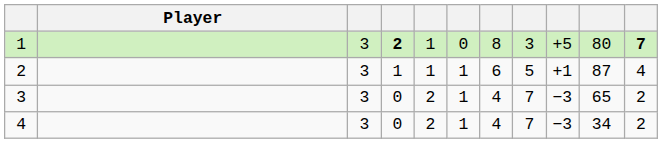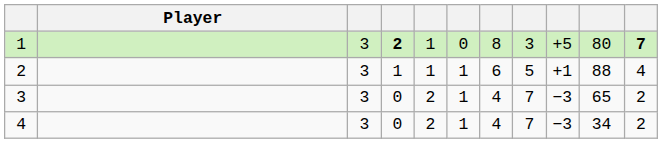 <table class="wikitable" style="text-align:center; margin: 1em auto 1em auto, align:left">
 <tr>
 <th width=20></th>
 <th width=240>Player</th>
 <th width=20></th>
 <th width=20></th>
 <th width=20></th>
 <th width=20></th>
 <th width=20></th>
 <th width=20></th>
 <th width=20></th>
 <th width=30></th>
 <th width=20></th>
 </tr>
 <tr style="background:#D0F0C0;">
 <td>1</td>
 <td align=left></td>
 <td>3</td>
 <td><strong>2</strong></td>
 <td>1</td>
 <td>0</td>
 <td>8</td>
 <td>3</td>
 <td>+5</td>
 <td>80</td>
 <td><strong>7</strong></td>
 </tr>
 <tr style=>
 <td>2</td>
 <td align=left></td>
 <td>3</td>
 <td>1</td>
 <td>1</td>
 <td>1</td>
 <td>6</td>
 <td>5</td>
 <td>+1</td>
-<td>87</td>
+<td>88</td>
 <td>4</td>
 </tr>
 <tr style=>
 <td>3</td>
 <td align=left></td>
 <td>3</td>
 <td>0</td>
 <td>2</td>
 <td>1</td>
 <td>4</td>
 <td>7</td>
 <td>−3</td>
 <td>65</td>
 <td>2</td>
 </tr>
 <tr style=>
 <td>4</td>
 <td align=left></td>
 <td>3</td>
 <td>0</td>
 <td>2</td>
 <td>1</td>
 <td>4</td>
 <td>7</td>
 <td>−3</td>
 <td>34</td>
 <td>2</td>
 </tr>
 </table>
